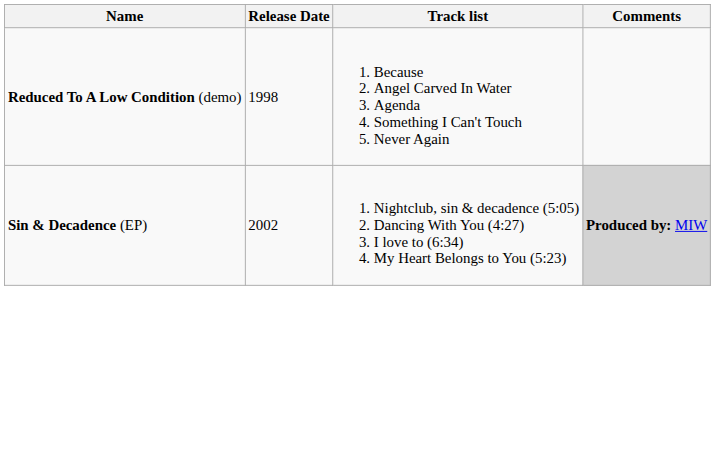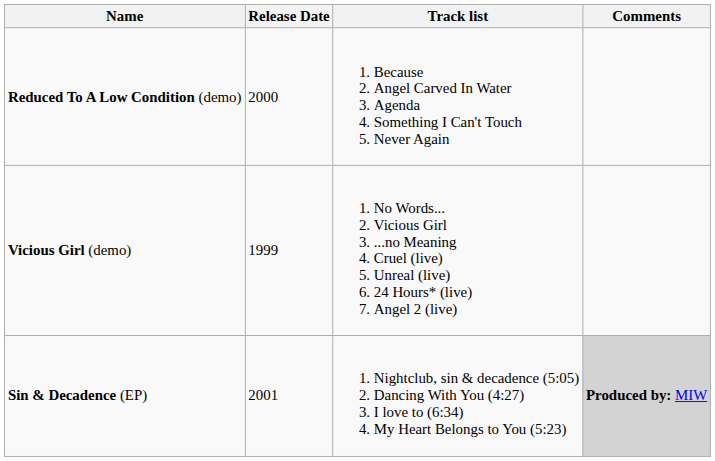 <table class="wikitable">
 <tr>
 <th>Name</th>
 <th>Release Date</th>
 <th>Track list</th>
 <th>Comments</th>
 </tr>
 <tr>
 <td><strong>Reduced To A Low Condition</strong> (demo)</td>
-<td>1998</td>
+<td>2000</td>
 <td><br><ol><li>Because</li><li>Angel Carved In Water</li><li>Agenda</li><li>Something I Can't Touch</li><li>Never Again</li></ol></td>
 <td></td>
 </tr>
 <tr>
+<td><strong>Vicious Girl</strong> (demo)</td>
+<td>1999</td>
+<td><br><ol><li>No Words...</li><li>Vicious Girl</li><li>...no Meaning</li><li>Cruel (live)</li><li>Unreal (live)</li><li>24 Hours* (live)</li><li>Angel 2 (live)</li></ol></td>
+<td></td>
+</tr>
+<tr>
 <td><strong>Sin & Decadence</strong> (EP)</td>
-<td>2002</td>
+<td>2001</td>
 <td><br><ol><li>Nightclub, sin & decadence (5:05)</li><li>Dancing With You (4:27)</li><li>I love to (6:34)</li><li>My Heart Belongs to You (5:23)</li></ol></td>
 <td style="background: lightgrey;"><strong>Produced by:</strong> <a href='#'>MIW</a></td>
 </tr>
 </table>
